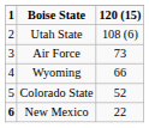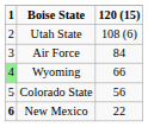 <table class="wikitable" style="display: inline-table;">
 <tr align="center">
 </tr>
 <tr align="center">
 <td><strong>1</strong></td>
 <td><strong>Boise State</strong></td>
 <td><strong>120 (15)</strong></td>
 </tr>
 <tr align="center">
 <td>2</td>
 <td>Utah State</td>
 <td>108 (6)</td>
 </tr>
 <tr align="center">
 <td>3</td>
 <td>Air Force</td>
-<td>73</td>
+<td>84</td>
 </tr>
 <tr align="center">
-<td>4</td>
+<td style="background: lightgreen;">4</td>
 <td>Wyoming</td>
 <td>66</td>
 </tr>
 <tr align="center">
 <td>5</td>
 <td>Colorado State</td>
-<td>52</td>
+<td>56</td>
 </tr>
 <tr align="center">
 <td><strong>6</strong></td>
 <td>New Mexico</td>
 <td>22</td>
 </tr>
 </table>
